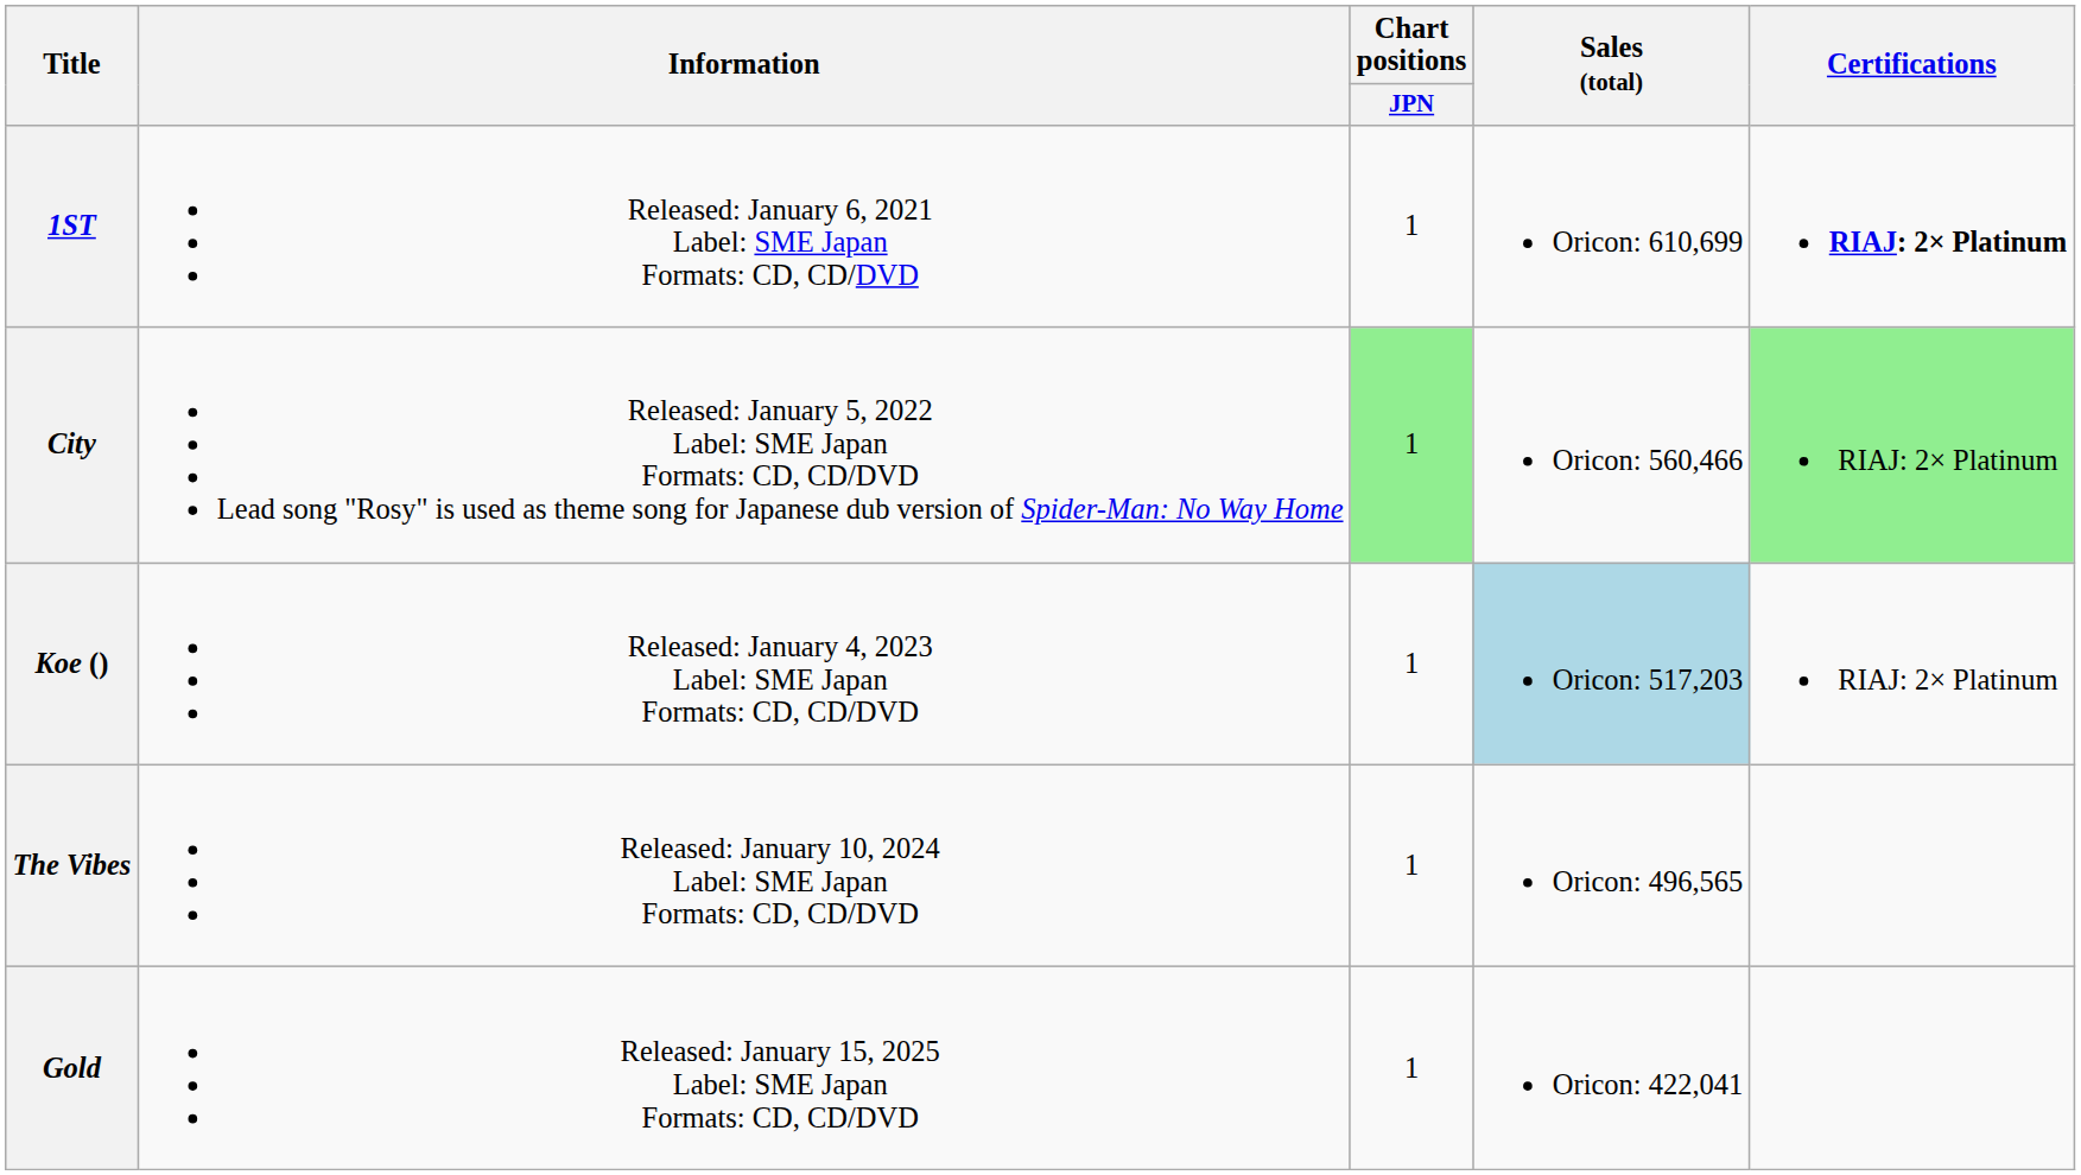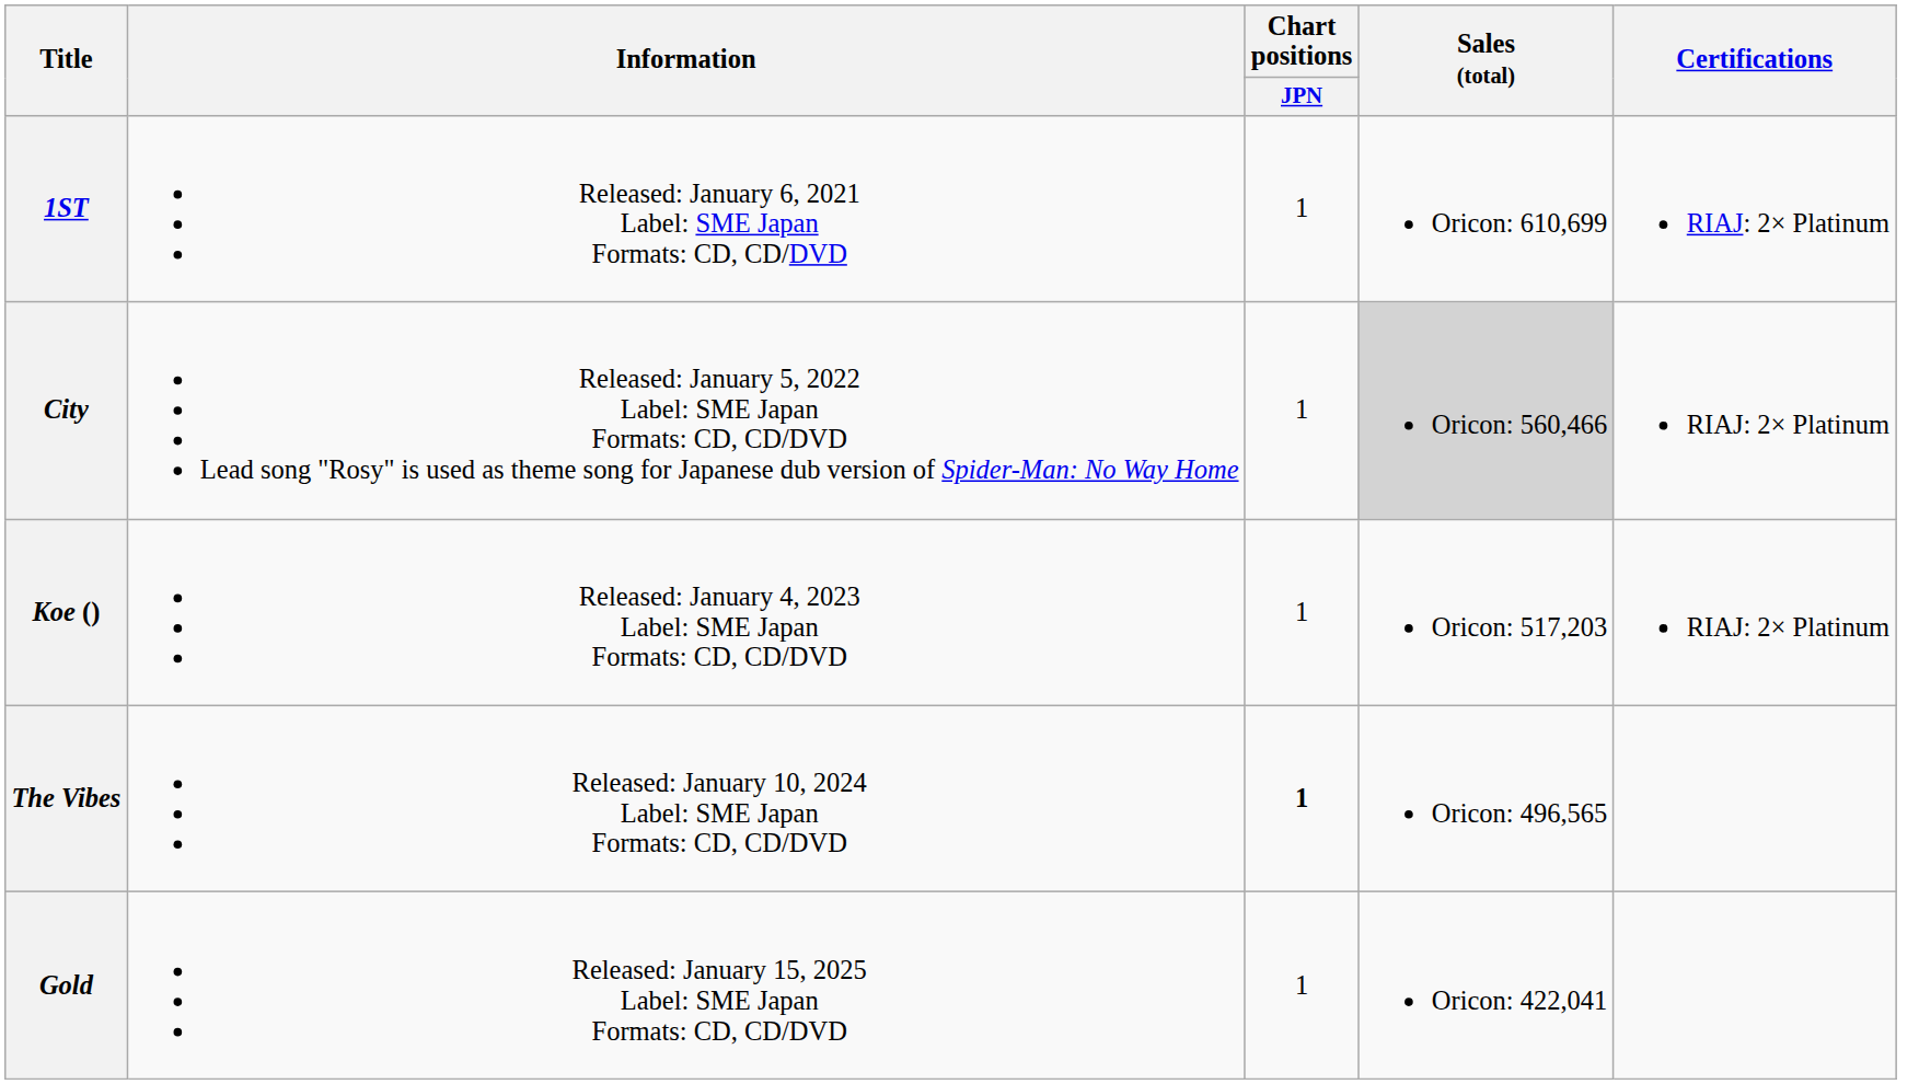 <table class="wikitable plainrowheaders" style="text-align:center;">
 <tr>
 <th scope="col" rowspan="2">Title</th>
 <th scope="col" rowspan="2">Information</th>
 <th scope="col">Chart positions</th>
 <th scope="col" rowspan="2">Sales<br><small>(total)</small></th>
 <th scope="col" rowspan="2"><a href='#'>Certifications</a></th>
 </tr>
 <tr>
 <th scope="col" style="width:3em;font-size:85%;"><a href='#'>JPN</a><br></th>
 </tr>
 <tr>
 <th scope="row"><em><a href='#'>1ST</a></em></th>
 <td><br><ul><li>Released: January 6, 2021</li><li>Label: <a href='#'>SME Japan</a></li><li>Formats: CD, CD/<a href='#'>DVD</a></li></ul></td>
 <td>1</td>
 <td><br><ul><li>Oricon: 610,699</li></ul></td>
-<td><strong><br><ul><li><a href='#'>RIAJ</a>: 2× Platinum</li></ul></strong></td>
+<td><br><ul><li><a href='#'>RIAJ</a>: 2× Platinum</li></ul></td>
 </tr>
 <tr>
 <th scope="row"><em>City</em></th>
 <td><br><ul><li>Released: January 5, 2022</li><li>Label: SME Japan</li><li>Formats: CD, CD/DVD</li><li>Lead song "Rosy" is used as theme song for Japanese dub version of <em><a href='#'>Spider-Man: No Way Home</a></em></li></ul></td>
-<td style="background: lightgreen;">1</td>
-<td><br><ul><li>Oricon: 560,466</li></ul></td>
-<td style="background: lightgreen;"><br><ul><li>RIAJ: 2× Platinum</li></ul></td>
+<td>1</td>
+<td style="background: lightgrey;"><br><ul><li>Oricon: 560,466</li></ul></td>
+<td><br><ul><li>RIAJ: 2× Platinum</li></ul></td>
 </tr>
 <tr>
 <th scope="row"><em>Koe</em> ()</th>
 <td><br><ul><li>Released: January 4, 2023</li><li>Label: SME Japan</li><li>Formats: CD, CD/DVD</li></ul></td>
 <td>1</td>
-<td style="background: lightblue;"><br><ul><li>Oricon: 517,203</li></ul></td>
+<td><br><ul><li>Oricon: 517,203</li></ul></td>
 <td><br><ul><li>RIAJ: 2× Platinum</li></ul></td>
 </tr>
 <tr>
 <th scope="row"><em>The Vibes</em></th>
 <td><br><ul><li>Released: January 10, 2024</li><li>Label: SME Japan</li><li>Formats: CD, CD/DVD</li></ul></td>
-<td>1</td>
+<td><strong>1</strong></td>
 <td><br><ul><li>Oricon: 496,565</li></ul></td>
 <td></td>
 </tr>
 <tr>
 <th scope="row"><em>Gold</em></th>
 <td><br><ul><li>Released: January 15, 2025</li><li>Label: SME Japan</li><li>Formats: CD, CD/DVD</li></ul></td>
 <td>1</td>
 <td><br><ul><li>Oricon: 422,041</li></ul></td>
 <td></td>
 </tr>
 </table>
